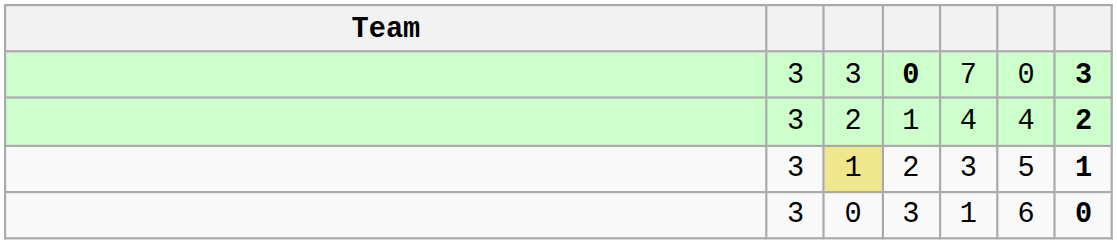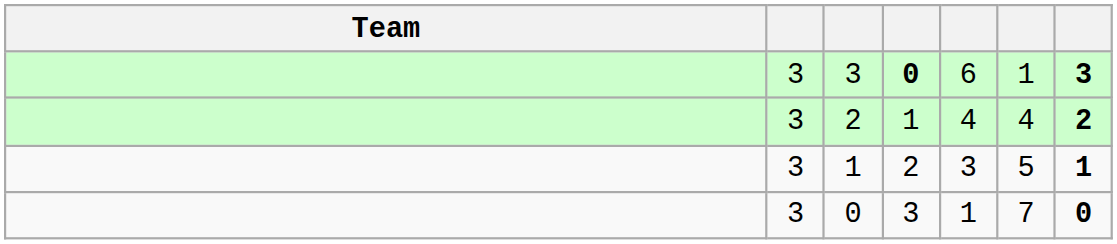 <table class=wikitable style="text-align:center">
 <tr>
 <th width=340>Team</th>
 <th width=20></th>
 <th width=20></th>
 <th width=20></th>
 <th width=20></th>
 <th width=20></th>
 <th width=20></th>
 </tr>
 <tr bgcolor=ccffcc>
 <td style="text-align:left"></td>
 <td>3</td>
 <td>3</td>
 <td><strong>0</strong></td>
-<td>7</td>
-<td>0</td>
+<td>6</td>
+<td>1</td>
 <td><strong>3</strong></td>
 </tr>
 <tr bgcolor=ccffcc>
 <td style="text-align:left"></td>
 <td>3</td>
 <td>2</td>
 <td>1</td>
 <td>4</td>
 <td>4</td>
 <td><strong>2</strong></td>
 </tr>
 <tr>
 <td style="text-align:left"></td>
 <td>3</td>
-<td style="background: khaki;">1</td>
+<td>1</td>
 <td>2</td>
 <td>3</td>
 <td>5</td>
 <td><strong>1</strong></td>
 </tr>
 <tr>
 <td style="text-align:left"></td>
 <td>3</td>
 <td>0</td>
 <td>3</td>
 <td>1</td>
-<td>6</td>
+<td>7</td>
 <td><strong>0</strong></td>
 </tr>
 </table>
